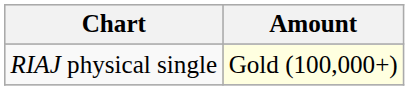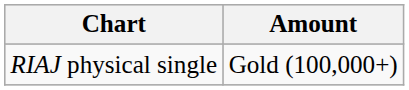 <table class="wikitable" style="text-align:center;">
 <tr>
 <th>Chart</th>
 <th>Amount</th>
 </tr>
 <tr>
 <td align="left"><em>RIAJ</em> physical single</td>
-<td style="background: lightyellow;">Gold (100,000+)</td>
+<td>Gold (100,000+)</td>
 </tr>
 </table>
